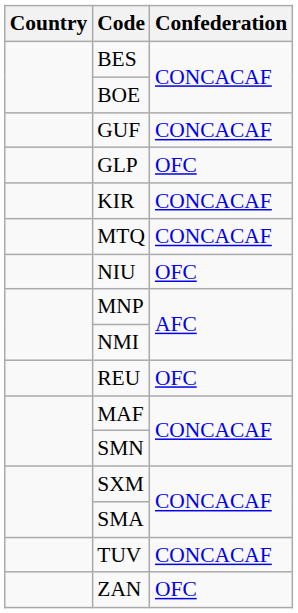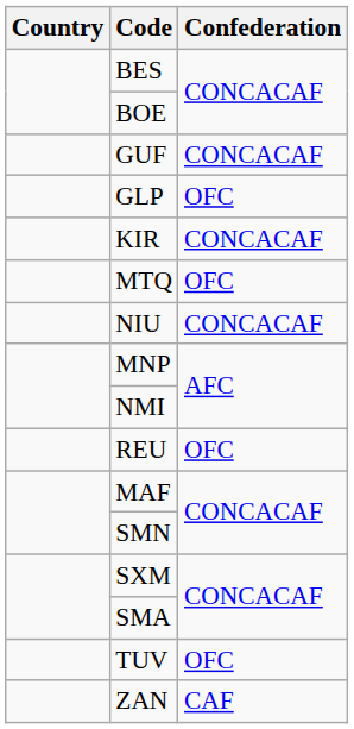 <table class="wikitable" style="font-size:90%; display:inline-table;">
 <tr>
 <th>Country</th>
 <th>Code</th>
 <th>Confederation</th>
 </tr>
 <tr>
 <td rowspan=2></td>
 <td>BES</td>
 <td rowspan=2><a href='#'>CONCACAF</a></td>
 </tr>
 <tr>
 <td>BOE</td>
 </tr>
 <tr>
 <td></td>
 <td>GUF</td>
 <td><a href='#'>CONCACAF</a></td>
 </tr>
 <tr>
 <td></td>
 <td>GLP</td>
 <td><a href='#'>OFC</a></td>
 </tr>
 <tr>
 <td></td>
 <td>KIR</td>
 <td><a href='#'>CONCACAF</a></td>
 </tr>
 <tr>
 <td></td>
 <td>MTQ</td>
-<td><a href='#'>CONCACAF</a></td>
+<td><a href='#'>OFC</a></td>
 </tr>
 <tr>
 <td></td>
 <td>NIU</td>
-<td><a href='#'>OFC</a></td>
+<td><a href='#'>CONCACAF</a></td>
 </tr>
 <tr>
 <td rowspan=2></td>
 <td>MNP</td>
 <td rowspan=2><a href='#'>AFC</a></td>
 </tr>
 <tr>
 <td>NMI</td>
 </tr>
 <tr>
 <td></td>
 <td>REU</td>
 <td><a href='#'>OFC</a></td>
 </tr>
 <tr>
 <td rowspan=2></td>
 <td>MAF</td>
 <td rowspan=2><a href='#'>CONCACAF</a></td>
 </tr>
 <tr>
 <td>SMN</td>
 </tr>
 <tr>
 <td rowspan=2></td>
 <td>SXM</td>
 <td rowspan=2><a href='#'>CONCACAF</a></td>
 </tr>
 <tr>
 <td>SMA</td>
 </tr>
 <tr>
 <td></td>
 <td>TUV</td>
-<td><a href='#'>CONCACAF</a></td>
+<td><a href='#'>OFC</a></td>
 </tr>
 <tr>
 <td></td>
 <td>ZAN</td>
-<td><a href='#'>OFC</a></td>
+<td><a href='#'>CAF</a></td>
 </tr>
 </table>
